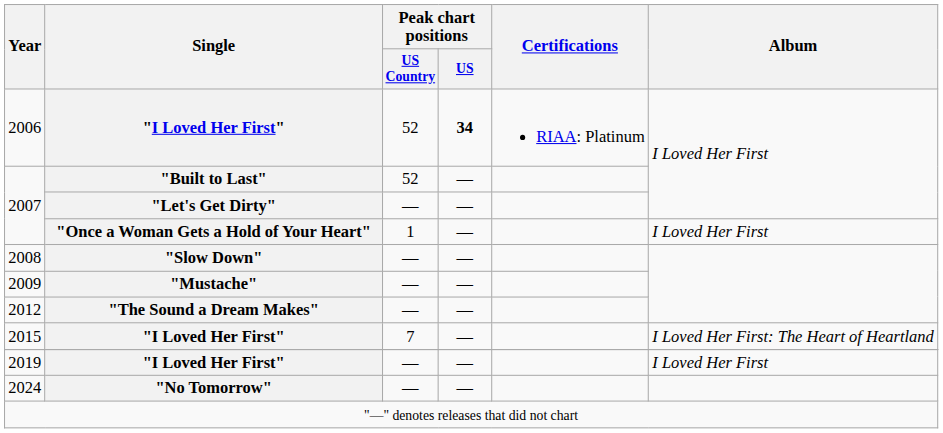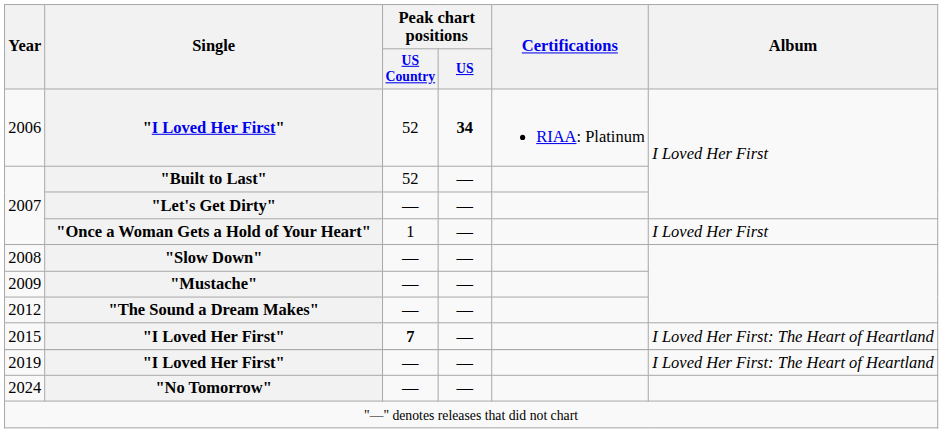 <table class="wikitable plainrowheaders" style="text-align:center;">
 <tr>
 <th rowspan="2">Year</th>
 <th rowspan="2" style="width:20em;">Single</th>
 <th colspan="2">Peak chart<br>positions</th>
 <th rowspan="2"><a href='#'>Certifications</a></th>
 <th rowspan="2">Album</th>
 </tr>
 <tr style="font-size:smaller;">
 <th width="45"><a href='#'>US Country</a></th>
 <th width="45"><a href='#'>US</a></th>
 </tr>
 <tr>
 <td>2006</td>
 <th scope="row">"<a href='#'>I Loved Her First</a>"</th>
 <td>52</td>
 <td><strong>34</strong></td>
 <td><br><ul><li><a href='#'>RIAA</a>: Platinum</li></ul></td>
 <td rowspan="3" align="left"><em>I Loved Her First</em></td>
 </tr>
 <tr>
 <td rowspan="3">2007</td>
 <th scope="row">"Built to Last"</th>
 <td>52</td>
 <td>—</td>
 <td></td>
 </tr>
 <tr>
 <th scope="row">"Let's Get Dirty"</th>
 <td>—</td>
 <td>—</td>
 <td></td>
 </tr>
 <tr>
 <th scope="row">"Once a Woman Gets a Hold of Your Heart"</th>
 <td>1</td>
 <td>—</td>
 <td></td>
 <td align="left"><em>I Loved Her First</em></td>
 </tr>
 <tr>
 <td>2008</td>
 <th scope="row">"Slow Down"</th>
 <td>—</td>
 <td>—</td>
 <td></td>
 </tr>
 <tr>
 <td>2009</td>
 <th scope="row">"Mustache"</th>
 <td>—</td>
 <td>—</td>
 <td></td>
 </tr>
 <tr>
 <td>2012</td>
 <th scope="row">"The Sound a Dream Makes"</th>
 <td>—</td>
 <td>—</td>
 <td></td>
 </tr>
 <tr>
 <td>2015</td>
 <th scope="row">"I Loved Her First" </th>
-<td>7</td>
+<td><strong>7</strong></td>
 <td>—</td>
 <td></td>
 <td align="left"><em>I Loved Her First: The Heart of Heartland</em></td>
 </tr>
 <tr>
 </tr>
 <tr>
 <td>2019</td>
 <th scope="row">"I Loved Her First" </th>
 <td>—</td>
 <td>—</td>
 <td></td>
-<td align="left"><em>I Loved Her First</em></td>
+<td align="left"><em>I Loved Her First: The Heart of Heartland</em></td>
 </tr>
 <tr>
 <td>2024</td>
 <th scope="row">"No Tomorrow"</th>
 <td>—</td>
 <td>—</td>
 <td></td>
 <td></td>
 </tr>
 <tr>
 <td colspan="6" align="center"><small>"—" denotes releases that did not chart</small></td>
 </tr>
 </table>
